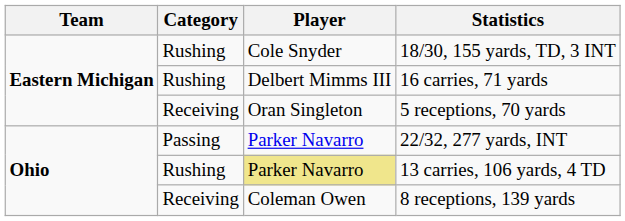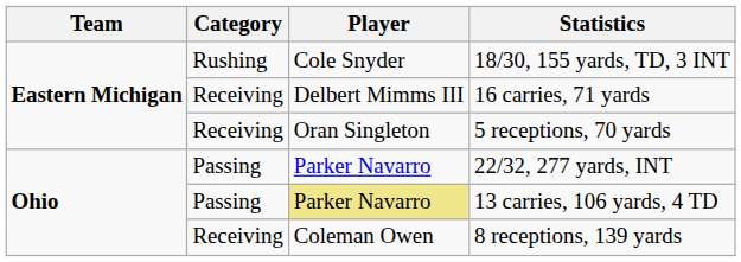 <table class="wikitable" style="float: right;">
 <tr>
 <th>Team</th>
 <th>Category</th>
 <th>Player</th>
 <th>Statistics</th>
 </tr>
 <tr>
 <td rowspan=3><strong>Eastern Michigan</strong></td>
 <td>Rushing</td>
 <td>Cole Snyder</td>
 <td>18/30, 155 yards, TD, 3 INT</td>
 </tr>
 <tr>
-<td>Rushing</td>
+<td>Receiving</td>
 <td>Delbert Mimms III</td>
 <td>16 carries, 71 yards</td>
 </tr>
 <tr>
 <td>Receiving</td>
 <td>Oran Singleton</td>
 <td>5 receptions, 70 yards</td>
 </tr>
 <tr>
 <td rowspan=3><strong>Ohio</strong></td>
 <td>Passing</td>
 <td><a href='#'>Parker Navarro</a></td>
 <td>22/32, 277 yards, INT</td>
 </tr>
 <tr>
-<td>Rushing</td>
+<td>Passing</td>
 <td style="background: khaki;">Parker Navarro</td>
 <td>13 carries, 106 yards, 4 TD</td>
 </tr>
 <tr>
 <td>Receiving</td>
 <td>Coleman Owen</td>
 <td>8 receptions, 139 yards</td>
 </tr>
 </table>
